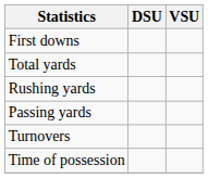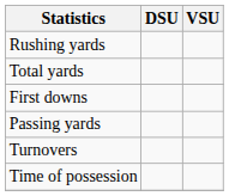 <table class="wikitable">
 <tr>
 <th>Statistics</th>
 <th>DSU</th>
 <th>VSU</th>
 </tr>
 <tr>
-<td>First downs</td>
+<td>Rushing yards</td>
 <td></td>
 <td></td>
 </tr>
 <tr>
 <td>Total yards</td>
 <td></td>
 <td></td>
 </tr>
 <tr>
-<td>Rushing yards</td>
+<td>First downs</td>
 <td></td>
 <td></td>
 </tr>
 <tr>
 <td>Passing yards</td>
 <td></td>
 <td></td>
 </tr>
 <tr>
 <td>Turnovers</td>
 <td></td>
 <td></td>
 </tr>
 <tr>
 <td>Time of possession</td>
 <td></td>
 <td></td>
 </tr>
 <tr>
 </tr>
 </table>
